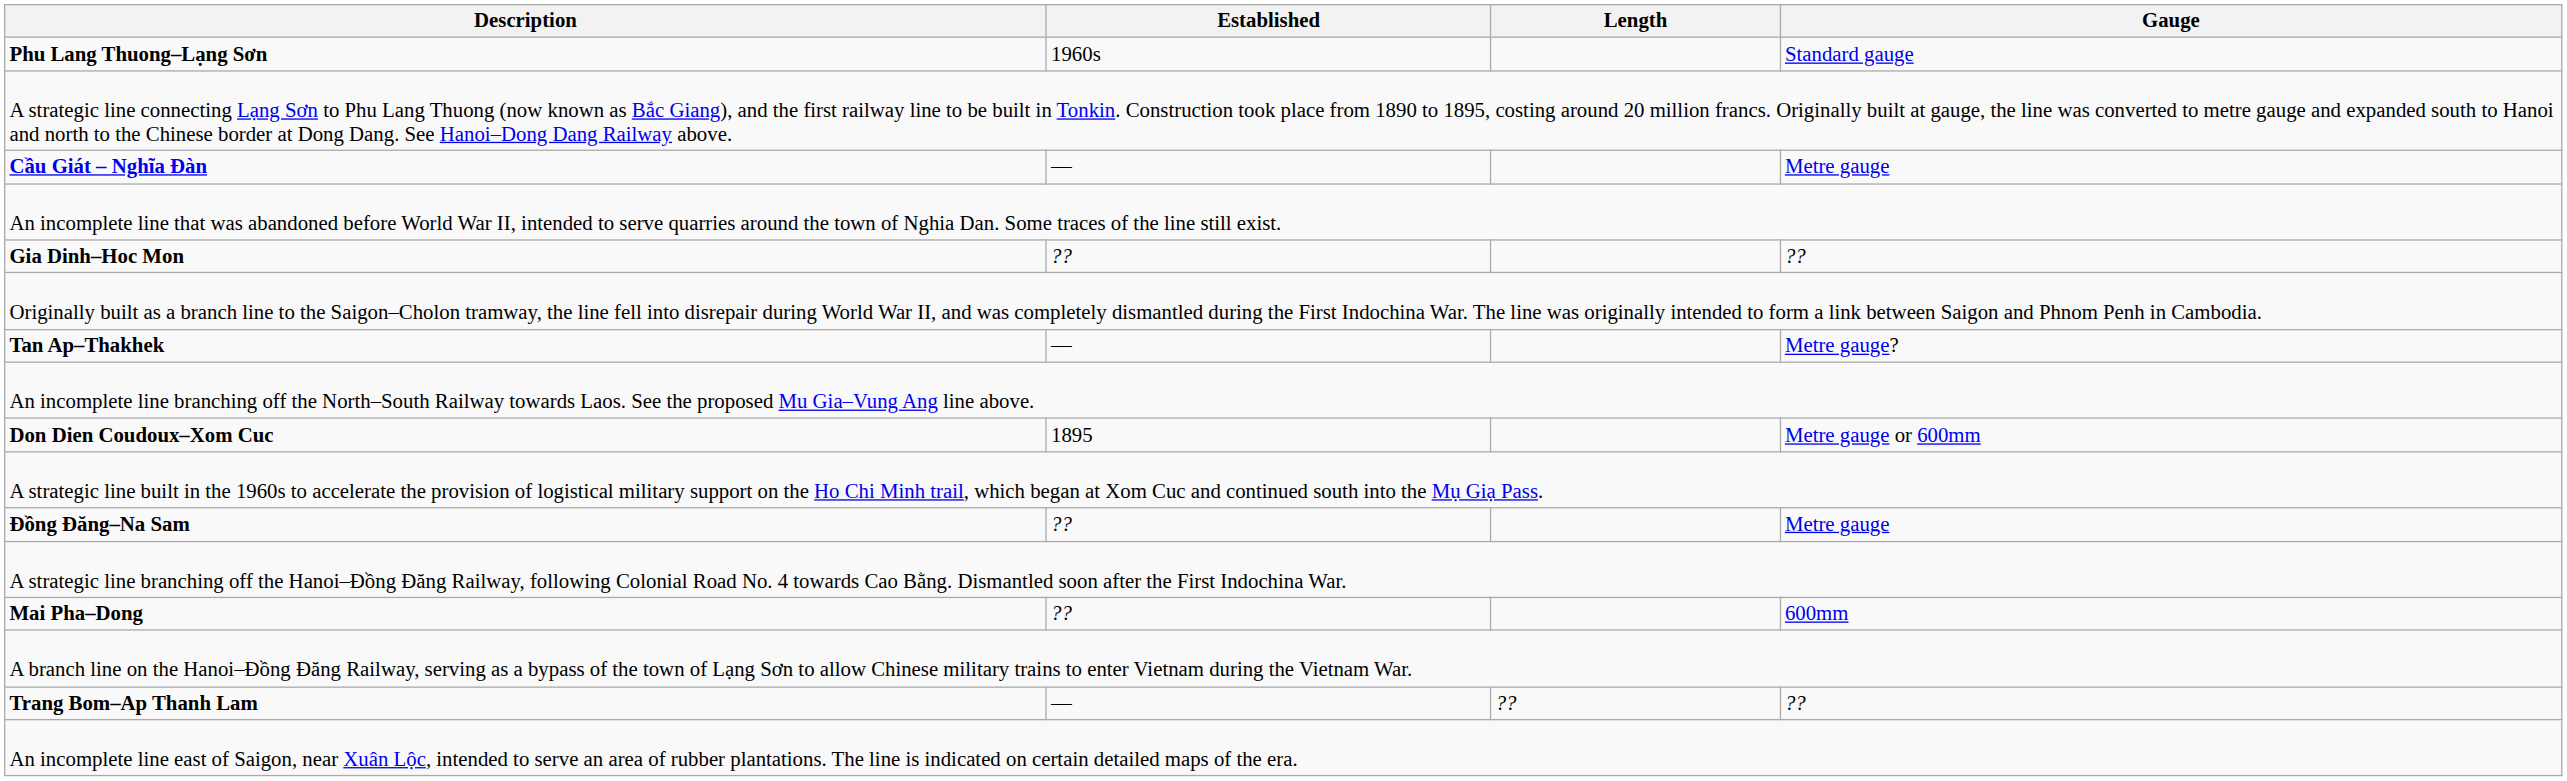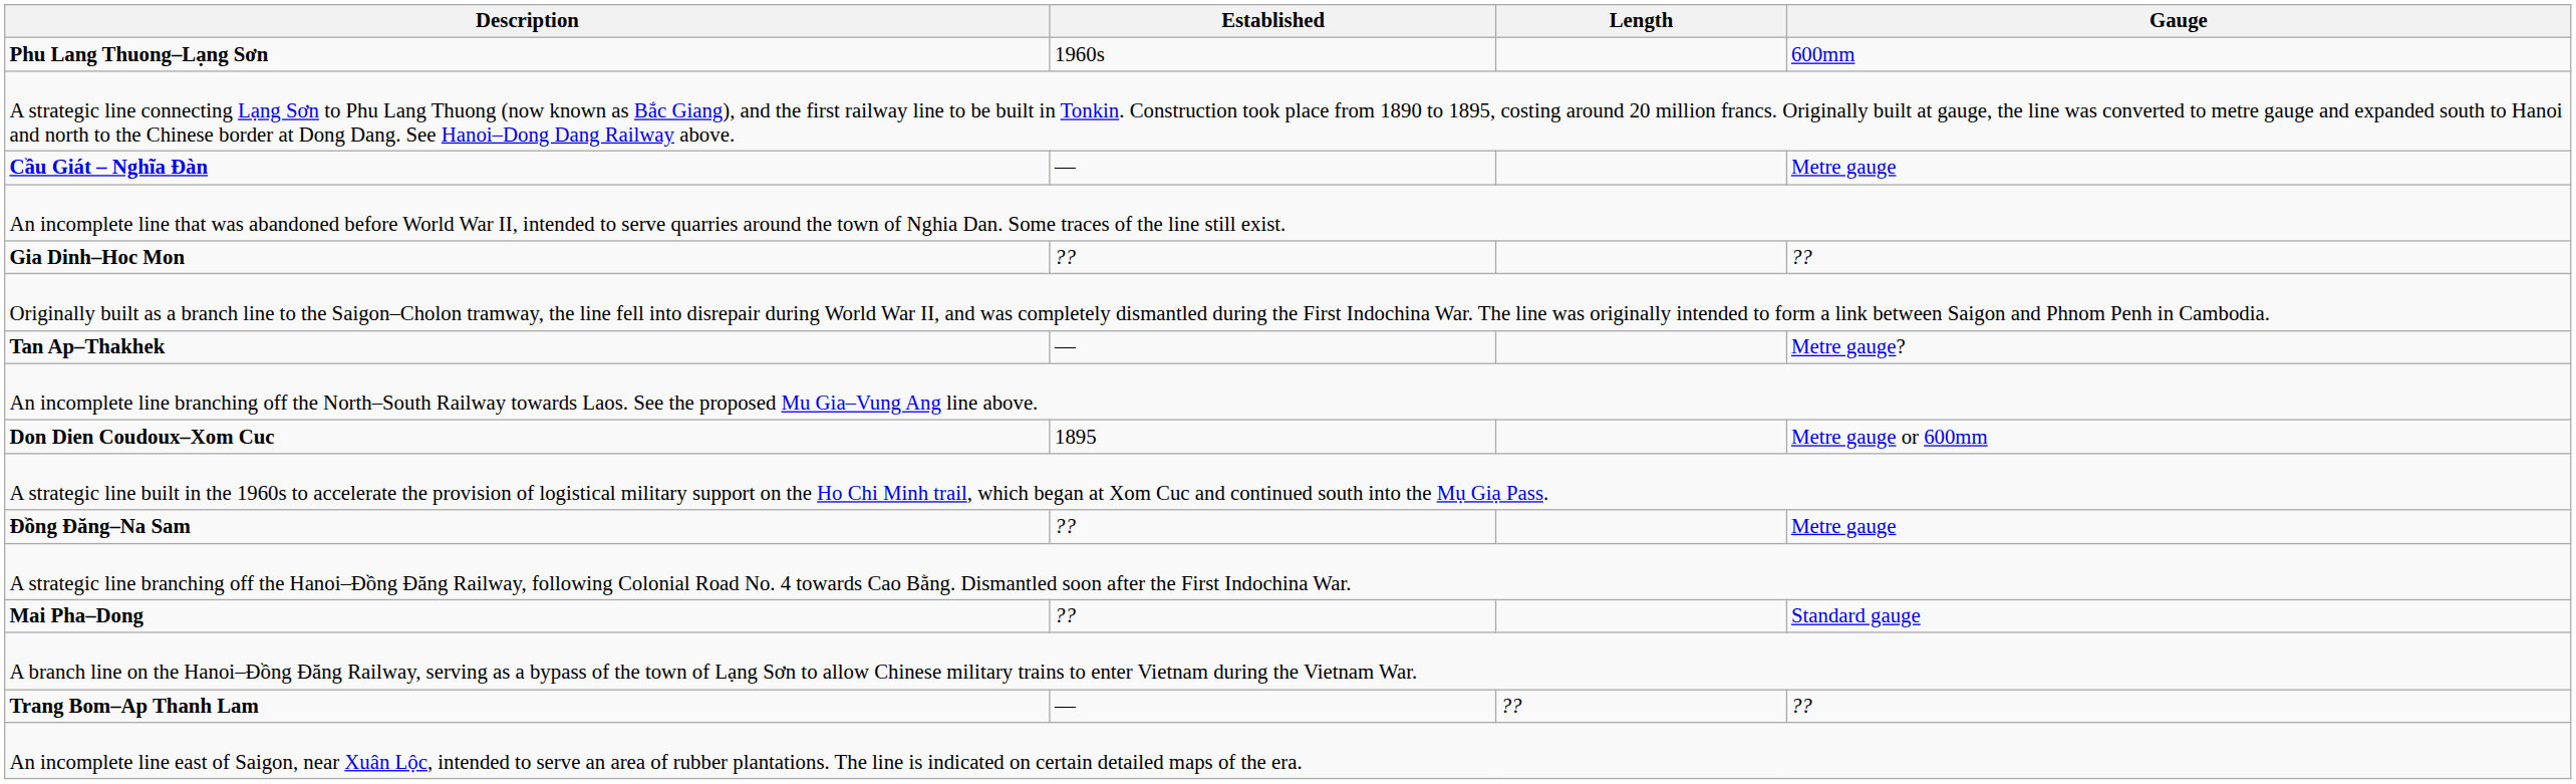 <table class="wikitable">
 <tr>
 <th>Description</th>
 <th>Established</th>
 <th>Length</th>
 <th>Gauge</th>
 </tr>
 <tr>
 <td><strong>Phu Lang Thuong–Lạng Sơn</strong></td>
 <td>1960s</td>
 <td></td>
-<td><a href='#'>Standard gauge</a></td>
+<td><a href='#'>600mm</a></td>
 </tr>
 <tr>
 <td colspan="5"><br>A strategic line connecting <a href='#'>Lạng Sơn</a> to Phu Lang Thuong (now known as <a href='#'>Bắc Giang</a>), and the first railway line to be built in <a href='#'>Tonkin</a>. Construction took place from 1890 to 1895, costing around 20 million francs. Originally built at  gauge, the line was converted to metre gauge and expanded south to Hanoi and north to the Chinese border at Dong Dang. See <a href='#'>Hanoi–Dong Dang Railway</a> above.</td>
 </tr>
 <tr>
 <td><a href='#'><strong>Cầu Giát – Nghĩa Đàn</strong></a></td>
 <td>—</td>
 <td></td>
 <td><a href='#'>Metre gauge</a></td>
 </tr>
 <tr>
 <td colspan="5"><br>An incomplete line that was abandoned before World War II, intended to serve quarries around the town of Nghia Dan. Some traces of the line still exist.</td>
 </tr>
 <tr>
 <td><strong>Gia Dinh–Hoc Mon</strong></td>
 <td><em>??</em></td>
 <td></td>
 <td><em>??</em></td>
 </tr>
 <tr>
 <td colspan="5"><br>Originally built as a branch line to the Saigon–Cholon tramway, the line fell into disrepair during World War II, and was completely dismantled during the First Indochina War. The line was originally intended to form a link between Saigon and Phnom Penh in Cambodia.</td>
 </tr>
 <tr>
 <td><strong>Tan Ap–Thakhek</strong></td>
 <td>—</td>
 <td></td>
 <td><a href='#'>Metre gauge</a>?</td>
 </tr>
 <tr>
 <td colspan="5"><br>An incomplete line branching off the North–South Railway towards Laos. See the proposed <a href='#'>Mu Gia–Vung Ang</a> line above.</td>
 </tr>
 <tr>
 <td><strong>Don Dien Coudoux–Xom Cuc</strong></td>
 <td>1895</td>
 <td></td>
 <td><a href='#'>Metre gauge</a> or <a href='#'>600mm</a></td>
 </tr>
 <tr>
 <td colspan="5"><br>A strategic line built in the 1960s to accelerate the provision of logistical military support on the <a href='#'>Ho Chi Minh trail</a>, which began at Xom Cuc and continued south into the <a href='#'>Mụ Giạ Pass</a>.</td>
 </tr>
 <tr>
 <td><strong>Đồng Đăng–Na Sam</strong></td>
 <td><em>??</em></td>
 <td></td>
 <td><a href='#'>Metre gauge</a></td>
 </tr>
 <tr>
 <td colspan="5"><br>A strategic line branching off the Hanoi–Đồng Đăng Railway, following Colonial Road No. 4 towards Cao Bằng. Dismantled soon after the First Indochina War.</td>
 </tr>
 <tr>
 <td><strong>Mai Pha–Dong</strong></td>
 <td><em>??</em></td>
 <td></td>
-<td><a href='#'>600mm</a></td>
+<td><a href='#'>Standard gauge</a></td>
 </tr>
 <tr>
 <td colspan="5"><br>A branch line on the Hanoi–Đồng Đăng Railway, serving as a bypass of the town of Lạng Sơn to allow Chinese military trains to enter Vietnam during the Vietnam War.</td>
 </tr>
 <tr>
 <td><strong>Trang Bom–Ap Thanh Lam</strong></td>
 <td>—</td>
 <td><em>??</em></td>
 <td><em>??</em></td>
 </tr>
 <tr>
 <td colspan="5"><br>An incomplete line east of Saigon, near <a href='#'>Xuân Lộc</a>, intended to serve an area of rubber plantations. The line is indicated on certain detailed maps of the era.</td>
 </tr>
 </table>
